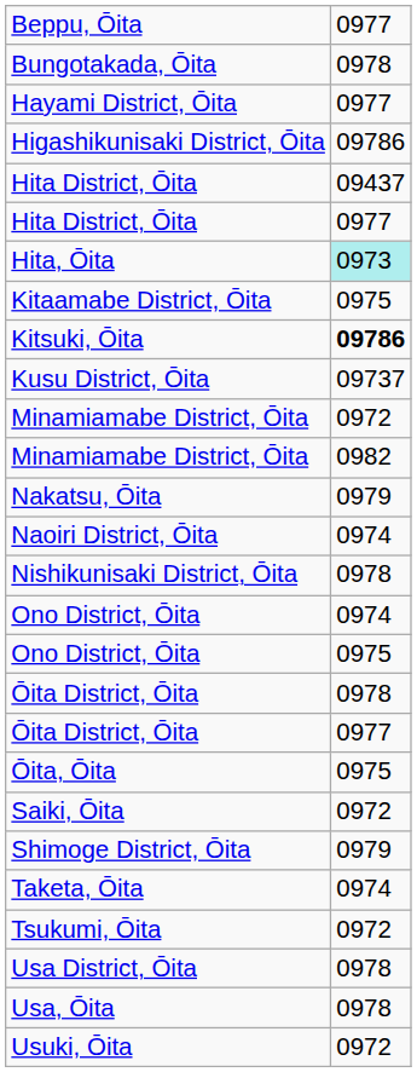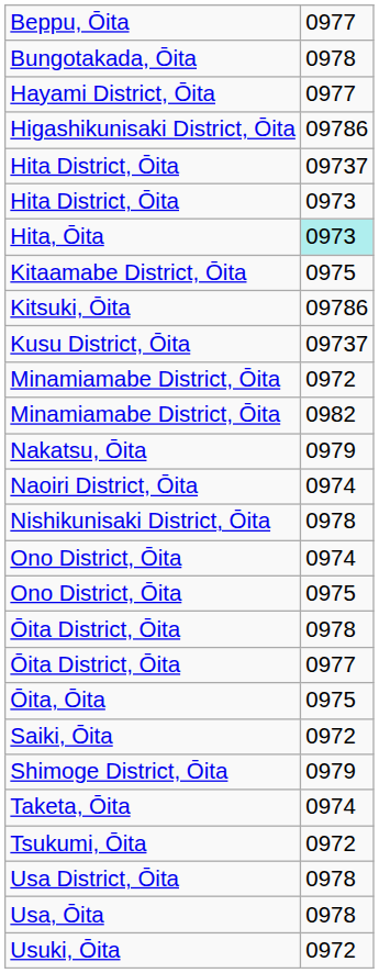 <table class="wikitable">
 <tr>
 <td><a href='#'>Beppu, Ōita</a></td>
 <td>0977</td>
 </tr>
 <tr>
 <td><a href='#'>Bungotakada, Ōita</a></td>
 <td>0978</td>
 </tr>
 <tr>
 <td><a href='#'>Hayami District, Ōita</a></td>
 <td>0977</td>
 </tr>
 <tr>
 <td><a href='#'>Higashikunisaki District, Ōita</a></td>
 <td>09786</td>
 </tr>
 <tr>
 <td><a href='#'>Hita District, Ōita</a></td>
-<td>09437</td>
+<td>09737</td>
 </tr>
 <tr>
 <td><a href='#'>Hita District, Ōita</a></td>
-<td>0977</td>
+<td>0973</td>
 </tr>
 <tr>
 <td><a href='#'>Hita, Ōita</a></td>
 <td style="background: paleturquoise;">0973</td>
 </tr>
 <tr>
 <td><a href='#'>Kitaamabe District, Ōita</a></td>
 <td>0975</td>
 </tr>
 <tr>
 <td><a href='#'>Kitsuki, Ōita</a></td>
-<td><strong>09786</strong></td>
+<td>09786</td>
 </tr>
 <tr>
 <td><a href='#'>Kusu District, Ōita</a></td>
 <td>09737</td>
 </tr>
 <tr>
 <td><a href='#'>Minamiamabe District, Ōita</a></td>
 <td>0972</td>
 </tr>
 <tr>
 <td><a href='#'>Minamiamabe District, Ōita</a></td>
 <td>0982</td>
 </tr>
 <tr>
 <td><a href='#'>Nakatsu, Ōita</a></td>
 <td>0979</td>
 </tr>
 <tr>
 <td><a href='#'>Naoiri District, Ōita</a></td>
 <td>0974</td>
 </tr>
 <tr>
 <td><a href='#'>Nishikunisaki District, Ōita</a></td>
 <td>0978</td>
 </tr>
 <tr>
 <td><a href='#'>Ono District, Ōita</a></td>
 <td>0974</td>
 </tr>
 <tr>
 <td><a href='#'>Ono District, Ōita</a></td>
 <td>0975</td>
 </tr>
 <tr>
 <td><a href='#'>Ōita District, Ōita</a></td>
 <td>0978</td>
 </tr>
 <tr>
 <td><a href='#'>Ōita District, Ōita</a></td>
 <td>0977</td>
 </tr>
 <tr>
 <td><a href='#'>Ōita, Ōita</a></td>
 <td>0975</td>
 </tr>
 <tr>
 <td><a href='#'>Saiki, Ōita</a></td>
 <td>0972</td>
 </tr>
 <tr>
 <td><a href='#'>Shimoge District, Ōita</a></td>
 <td>0979</td>
 </tr>
 <tr>
 <td><a href='#'>Taketa, Ōita</a></td>
 <td>0974</td>
 </tr>
 <tr>
 <td><a href='#'>Tsukumi, Ōita</a></td>
 <td>0972</td>
 </tr>
 <tr>
 <td><a href='#'>Usa District, Ōita</a></td>
 <td>0978</td>
 </tr>
 <tr>
 <td><a href='#'>Usa, Ōita</a></td>
 <td>0978</td>
 </tr>
 <tr>
 <td><a href='#'>Usuki, Ōita</a></td>
 <td>0972</td>
 </tr>
 </table>
